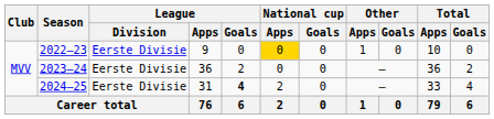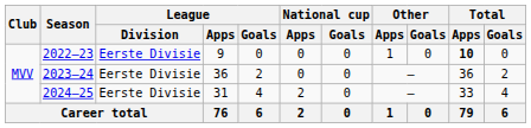 <table class="wikitable" style="text-align:center">
 <tr>
 <th rowspan="2">Club</th>
 <th rowspan="2">Season</th>
 <th colspan="3">League</th>
 <th colspan="2">National cup</th>
 <th colspan="2">Other</th>
 <th colspan="2">Total</th>
 </tr>
 <tr>
 <th>Division</th>
 <th>Apps</th>
 <th>Goals</th>
 <th>Apps</th>
 <th>Goals</th>
 <th>Apps</th>
 <th>Goals</th>
 <th>Apps</th>
 <th>Goals</th>
 </tr>
 <tr>
 <td rowspan="3"><a href='#'>MVV</a></td>
 <td><a href='#'>2022–23</a></td>
 <td><a href='#'>Eerste Divisie</a></td>
 <td>9</td>
 <td>0</td>
-<td style="background: gold;">0</td>
+<td>0</td>
 <td>0</td>
 <td>1</td>
 <td>0</td>
-<td>10</td>
+<td><strong>10</strong></td>
 <td>0</td>
 </tr>
 <tr>
 <td><a href='#'>2023–24</a></td>
 <td>Eerste Divisie</td>
 <td>36</td>
 <td>2</td>
 <td>0</td>
 <td>0</td>
 <td colspan="2">—</td>
 <td>36</td>
 <td>2</td>
 </tr>
 <tr>
 <td><a href='#'>2024–25</a></td>
 <td>Eerste Divisie</td>
 <td>31</td>
-<td><strong>4</strong></td>
+<td>4</td>
 <td>2</td>
 <td>0</td>
 <td colspan="2">—</td>
 <td>33</td>
 <td>4</td>
 </tr>
 <tr>
 <th colspan="3">Career total</th>
 <th>76</th>
 <th>6</th>
 <th>2</th>
 <th>0</th>
 <th>1</th>
 <th>0</th>
 <th>79</th>
 <th>6</th>
 </tr>
 </table>
